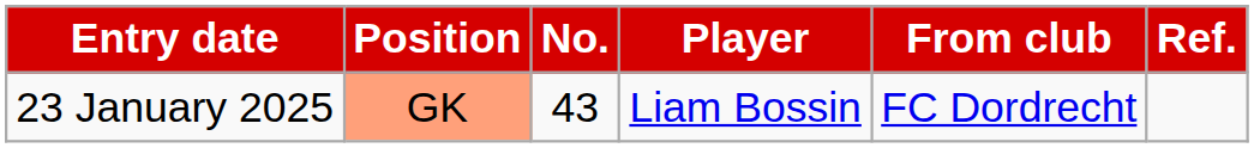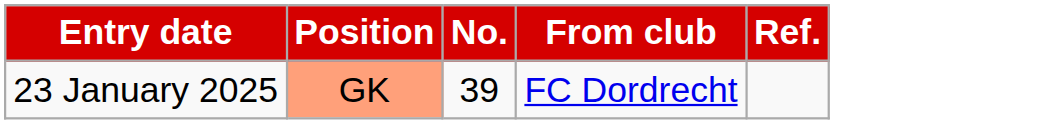 <table class="wikitable sortable">
 <tr>
 <th style="background:#d50000; color:white;">Entry date</th>
 <th style="background:#d50000; color:white;">Position</th>
 <th style="background:#d50000; color:white;">No.</th>
-<th style="background:#d50000; color:white;">Player</th>
 <th style="background:#d50000; color:white;">From club</th>
 <th style="background:#d50000; color:white;">Ref.</th>
 </tr>
 <tr>
 <td>23 January 2025</td>
 <td style="background: lightsalmon; text-align:center;">GK</td>
-<td style="text-align:center;">43</td>
-<td style="text-align;left:"> <a href='#'>Liam Bossin</a></td>
+<td style="text-align:center;">39</td>
 <td style="text-align:left;"> <a href='#'>FC Dordrecht</a></td>
 <td></td>
 </tr>
 </table>
